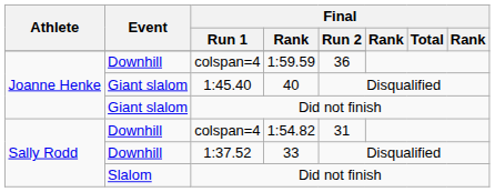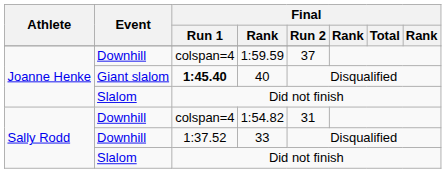 <table class="wikitable" style="font-size:90%">
 <tr>
 <th rowspan="2">Athlete</th>
 <th rowspan="2">Event</th>
 <th colspan="6">Final</th>
 </tr>
 <tr>
 <th>Run 1</th>
 <th>Rank</th>
 <th>Run 2</th>
 <th>Rank</th>
 <th>Total</th>
 <th>Rank</th>
 </tr>
 <tr>
 </tr>
 <tr align="center">
 <td align="left" rowspan=3><a href='#'>Joanne Henke</a></td>
 <td align="left"><a href='#'>Downhill</a></td>
 <td>colspan=4 </td>
 <td>1:59.59</td>
-<td>36</td>
+<td>37</td>
 </tr>
 <tr align="center">
 <td align="left"><a href='#'>Giant slalom</a></td>
-<td>1:45.40</td>
+<td><strong>1:45.40</strong></td>
 <td>40</td>
 <td colspan=4>Disqualified</td>
 </tr>
 <tr align="center">
-<td align="left"><a href='#'>Giant slalom</a></td>
+<td align="left"><a href='#'>Slalom</a></td>
 <td colspan=6>Did not finish</td>
 </tr>
 <tr align="center">
 <td align="left" rowspan=3><a href='#'>Sally Rodd</a></td>
 <td align="left"><a href='#'>Downhill</a></td>
 <td>colspan=4 </td>
 <td>1:54.82</td>
 <td>31</td>
 </tr>
 <tr align="center">
 <td align="left"><a href='#'>Downhill</a></td>
 <td>1:37.52</td>
 <td>33</td>
 <td colspan=4>Disqualified</td>
 </tr>
 <tr align="center">
 <td align="left"><a href='#'>Slalom</a></td>
 <td colspan=6>Did not finish</td>
 </tr>
 </table>
